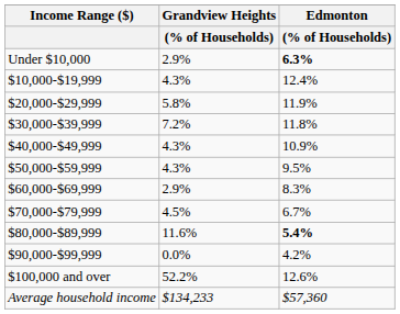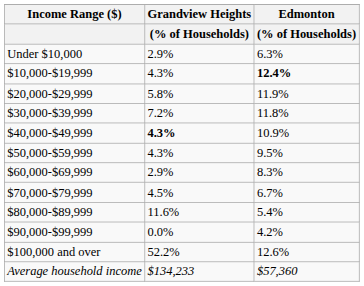 <table class="wikitable">
 <tr>
 </tr>
 <tr>
 <th>Income Range ($)</th>
 <th>Grandview Heights</th>
 <th>Edmonton</th>
 </tr>
 <tr>
 <th></th>
 <th>(% of Households)</th>
 <th>(% of Households)</th>
 </tr>
 <tr>
 <td>Under $10,000</td>
 <td>2.9%</td>
-<td><strong>6.3%</strong></td>
+<td>6.3%</td>
 </tr>
 <tr>
 <td>$10,000-$19,999</td>
 <td>4.3%</td>
-<td>12.4%</td>
+<td><strong>12.4%</strong></td>
 </tr>
 <tr>
 <td>$20,000-$29,999</td>
 <td>5.8%</td>
 <td>11.9%</td>
 </tr>
 <tr>
 <td>$30,000-$39,999</td>
 <td>7.2%</td>
 <td>11.8%</td>
 </tr>
 <tr>
 <td>$40,000-$49,999</td>
-<td>4.3%</td>
+<td><strong>4.3%</strong></td>
 <td>10.9%</td>
 </tr>
 <tr>
 <td>$50,000-$59,999</td>
 <td>4.3%</td>
 <td>9.5%</td>
 </tr>
 <tr>
 <td>$60,000-$69,999</td>
 <td>2.9%</td>
 <td>8.3%</td>
 </tr>
 <tr>
 <td>$70,000-$79,999</td>
 <td>4.5%</td>
 <td>6.7%</td>
 </tr>
 <tr>
 <td>$80,000-$89,999</td>
 <td>11.6%</td>
-<td><strong>5.4%</strong></td>
+<td>5.4%</td>
 </tr>
 <tr>
 <td>$90,000-$99,999</td>
 <td>0.0%</td>
 <td>4.2%</td>
 </tr>
 <tr>
 <td>$100,000 and over</td>
 <td>52.2%</td>
 <td>12.6%</td>
 </tr>
 <tr>
 <td><em>Average household income</em></td>
 <td><em>$134,233</em></td>
 <td><em>$57,360</em></td>
 </tr>
 </table>
